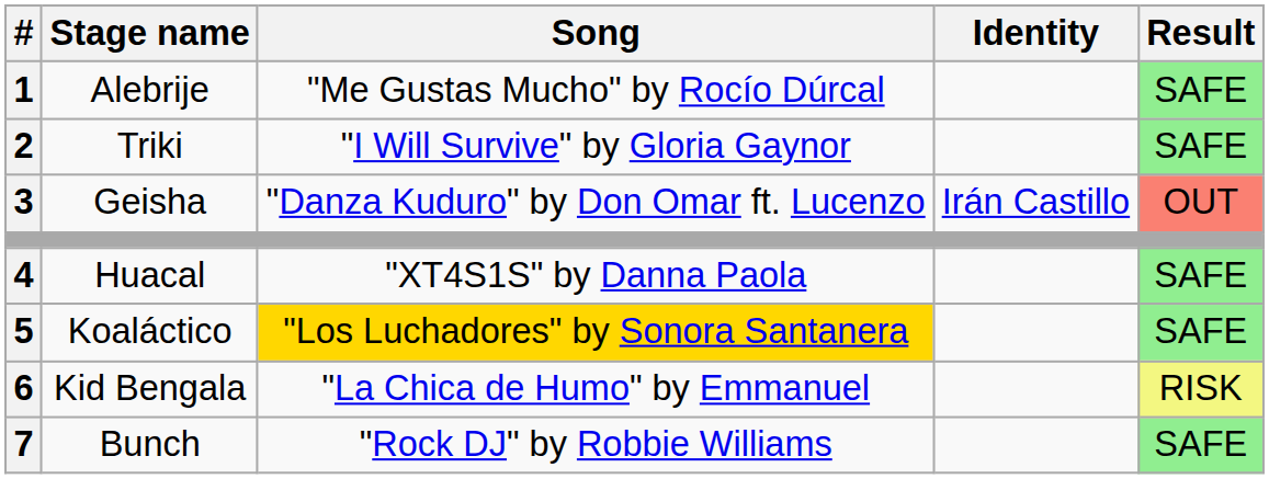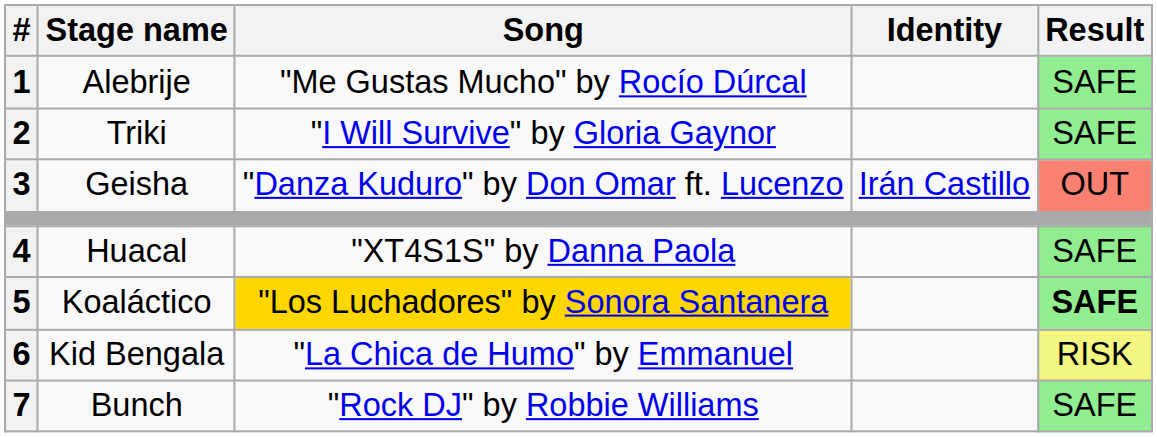 <table class="wikitable plainrowheaders" style="text-align: center;">
 <tr>
 <th>#</th>
 <th>Stage name</th>
 <th>Song</th>
 <th>Identity</th>
 <th>Result</th>
 </tr>
 <tr>
 <th>1</th>
 <td>Alebrije</td>
 <td>"Me Gustas Mucho" by <a href='#'>Rocío Dúrcal</a></td>
 <td></td>
 <td bgcolor=lightgreen>SAFE</td>
 </tr>
 <tr>
 <th>2</th>
 <td>Triki</td>
 <td>"<a href='#'>I Will Survive</a>" by <a href='#'>Gloria Gaynor</a></td>
 <td></td>
 <td bgcolor=lightgreen>SAFE</td>
 </tr>
 <tr>
 <th>3</th>
 <td>Geisha</td>
 <td>"<a href='#'>Danza Kuduro</a>" by <a href='#'>Don Omar</a> ft. <a href='#'>Lucenzo</a></td>
 <td><a href='#'>Irán Castillo</a></td>
 <td bgcolor=salmon>OUT</td>
 </tr>
 <tr>
 <td colspan="5" style="background:darkgray"></td>
 </tr>
 <tr>
 <th>4</th>
 <td>Huacal</td>
 <td>"XT4S1S" by <a href='#'>Danna Paola</a></td>
 <td></td>
 <td bgcolor=lightgreen>SAFE</td>
 </tr>
 <tr>
 <th>5</th>
 <td>Koaláctico</td>
 <td style="background: gold;">"Los Luchadores" by <a href='#'>Sonora Santanera</a></td>
 <td></td>
-<td bgcolor=lightgreen>SAFE</td>
+<td bgcolor=lightgreen><strong>SAFE</strong></td>
 </tr>
 <tr>
 <th>6</th>
 <td>Kid Bengala</td>
 <td>"<a href='#'>La Chica de Humo</a>" by <a href='#'>Emmanuel</a></td>
 <td></td>
 <td bgcolor="#F3F781">RISK</td>
 </tr>
 <tr>
 <th>7</th>
 <td>Bunch</td>
 <td>"<a href='#'>Rock DJ</a>" by <a href='#'>Robbie Williams</a></td>
 <td></td>
 <td bgcolor=lightgreen>SAFE</td>
 </tr>
 </table>
